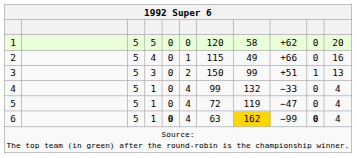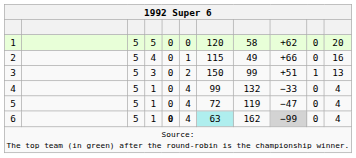 <table class="wikitable" style="text-align:center;">
 <tr>
 <th colspan="100%">1992 Super 6</th>
 </tr>
 <tr>
 <th style="padding-right:1px;"></th>
 <th style="width:10.8em;"></th>
 <th></th>
 <th></th>
 <th></th>
 <th></th>
 <th></th>
 <th></th>
 <th></th>
 <th></th>
 <th><br></th>
 </tr>
 <tr style="background:#e8ffd8;">
 <td>1</td>
 <td style=text-align:left></td>
 <td>5</td>
 <td>5</td>
 <td>0</td>
 <td>0</td>
 <td>120</td>
 <td>58</td>
 <td>+62</td>
 <td>0</td>
 <td>20</td>
 </tr>
 <tr>
 <td>2</td>
 <td style=text-align:left></td>
 <td>5</td>
 <td>4</td>
 <td>0</td>
 <td>1</td>
 <td>115</td>
 <td>49</td>
 <td>+66</td>
 <td>0</td>
 <td>16</td>
 </tr>
 <tr>
 <td>3</td>
 <td style=text-align:left></td>
 <td>5</td>
 <td>3</td>
 <td>0</td>
 <td>2</td>
 <td>150</td>
 <td>99</td>
 <td>+51</td>
 <td>1</td>
 <td>13</td>
 </tr>
 <tr>
 <td>4</td>
 <td style=text-align:left></td>
 <td>5</td>
 <td>1</td>
 <td>0</td>
 <td>4</td>
 <td>99</td>
 <td>132</td>
 <td>−33</td>
 <td>0</td>
 <td>4</td>
 </tr>
 <tr>
 <td>5</td>
 <td style=text-align:left></td>
 <td>5</td>
 <td>1</td>
 <td>0</td>
 <td>4</td>
 <td>72</td>
 <td>119</td>
 <td>−47</td>
 <td>0</td>
 <td>4</td>
 </tr>
 <tr>
 <td>6</td>
 <td style=text-align:left></td>
 <td>5</td>
 <td>1</td>
 <td><strong>0</strong></td>
 <td>4</td>
-<td>63</td>
-<td style="background: gold;">162</td>
-<td>−99</td>
-<td><strong>0</strong></td>
+<td style="background: paleturquoise;">63</td>
+<td>162</td>
+<td style="background: lightgrey;">−99</td>
+<td>0</td>
 <td>4</td>
 </tr>
 <tr>
 <td colspan="100%" style="border:0;"><small>Source: <br>The top team <span>(in green)</span> after the round-robin is the championship winner.</small></td>
 </tr>
 </table>
